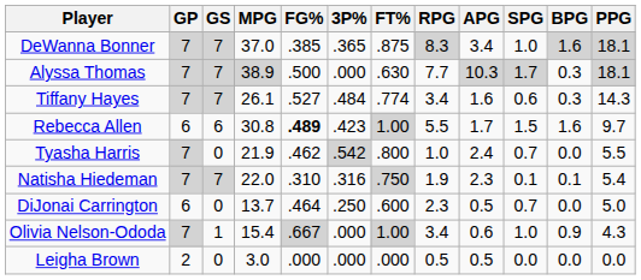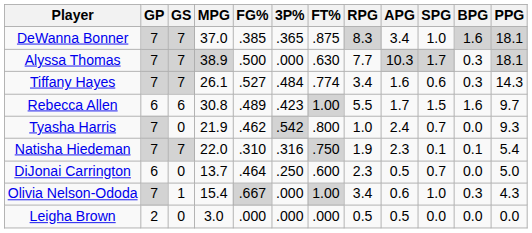 <table class="wikitable sortable" style="text-align:center;">
 <tr>
 <th>Player</th>
 <th>GP</th>
 <th>GS</th>
 <th>MPG</th>
 <th>FG%</th>
 <th>3P%</th>
 <th>FT%</th>
 <th>RPG</th>
 <th>APG</th>
 <th>SPG</th>
 <th>BPG</th>
 <th>PPG</th>
 </tr>
 <tr>
 <td><a href='#'>DeWanna Bonner</a></td>
 <td style="background:#D3D3D3;">7</td>
 <td style="background:#D3D3D3;">7</td>
 <td>37.0</td>
 <td>.385</td>
 <td>.365</td>
 <td>.875</td>
 <td style="background:#D3D3D3;">8.3</td>
 <td>3.4</td>
 <td>1.0</td>
 <td style="background:#D3D3D3;">1.6</td>
 <td style="background:#D3D3D3;">18.1</td>
 </tr>
 <tr>
 <td><a href='#'>Alyssa Thomas</a></td>
 <td style="background:#D3D3D3;">7</td>
 <td style="background:#D3D3D3;">7</td>
 <td style="background:#D3D3D3;">38.9</td>
 <td>.500</td>
 <td>.000</td>
 <td>.630</td>
 <td>7.7</td>
 <td style="background:#D3D3D3;">10.3</td>
 <td style="background:#D3D3D3;">1.7</td>
 <td>0.3</td>
 <td style="background:#D3D3D3;">18.1</td>
 </tr>
 <tr>
 <td><a href='#'>Tiffany Hayes</a></td>
 <td style="background:#D3D3D3;">7</td>
 <td style="background:#D3D3D3;">7</td>
 <td>26.1</td>
 <td>.527</td>
 <td>.484</td>
 <td>.774</td>
 <td>3.4</td>
 <td>1.6</td>
 <td>0.6</td>
 <td>0.3</td>
 <td>14.3</td>
 </tr>
 <tr>
 <td><a href='#'>Rebecca Allen</a></td>
 <td>6</td>
 <td>6</td>
 <td>30.8</td>
-<td><strong>.489</strong></td>
+<td>.489</td>
 <td>.423</td>
 <td style="background:#D3D3D3;">1.00</td>
 <td>5.5</td>
 <td>1.7</td>
 <td>1.5</td>
 <td>1.6</td>
 <td>9.7</td>
 </tr>
 <tr>
 <td><a href='#'>Tyasha Harris</a></td>
 <td style="background:#D3D3D3;">7</td>
 <td>0</td>
 <td>21.9</td>
 <td>.462</td>
 <td style="background:#D3D3D3;">.542</td>
 <td>.800</td>
 <td>1.0</td>
 <td>2.4</td>
 <td>0.7</td>
 <td>0.0</td>
-<td>5.5</td>
+<td>9.3</td>
 </tr>
 <tr>
 <td><a href='#'>Natisha Hiedeman</a></td>
 <td style="background:#D3D3D3;">7</td>
 <td style="background:#D3D3D3;">7</td>
 <td>22.0</td>
 <td>.310</td>
 <td>.316</td>
 <td style="background: lightgrey;">.750</td>
 <td>1.9</td>
 <td>2.3</td>
 <td>0.1</td>
 <td>0.1</td>
 <td>5.4</td>
 </tr>
 <tr>
 <td><a href='#'>DiJonai Carrington</a></td>
 <td>6</td>
 <td>0</td>
 <td>13.7</td>
 <td>.464</td>
 <td>.250</td>
 <td>.600</td>
 <td>2.3</td>
 <td>0.5</td>
 <td>0.7</td>
 <td>0.0</td>
 <td>5.0</td>
 </tr>
 <tr>
 <td><a href='#'>Olivia Nelson-Ododa</a></td>
 <td style="background:#D3D3D3;">7</td>
 <td>1</td>
 <td>15.4</td>
 <td style="background:#D3D3D3;">.667</td>
 <td>.000</td>
 <td style="background:#D3D3D3;">1.00</td>
 <td>3.4</td>
 <td>0.6</td>
 <td>1.0</td>
-<td>0.9</td>
+<td>0.3</td>
 <td>4.3</td>
 </tr>
 <tr>
 <td><a href='#'>Leigha Brown</a></td>
 <td>2</td>
 <td>0</td>
 <td>3.0</td>
 <td>.000</td>
 <td>.000</td>
 <td>.000</td>
 <td>0.5</td>
 <td>0.5</td>
 <td>0.0</td>
 <td>0.0</td>
 <td>0.0</td>
 </tr>
 </table>
